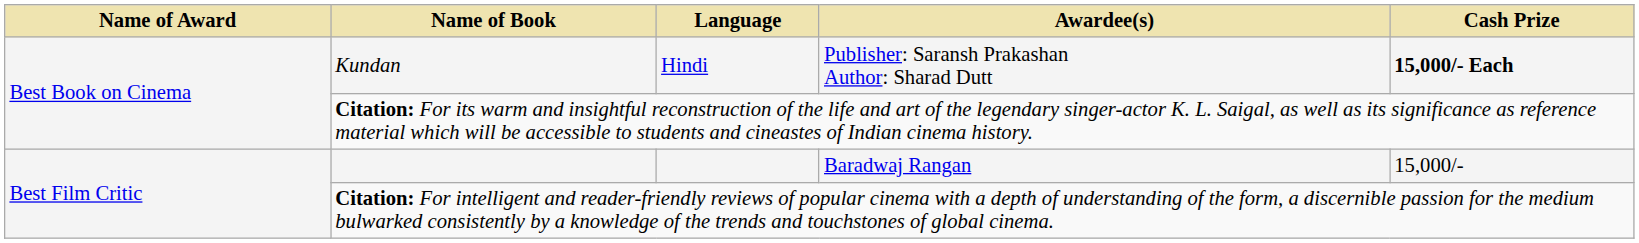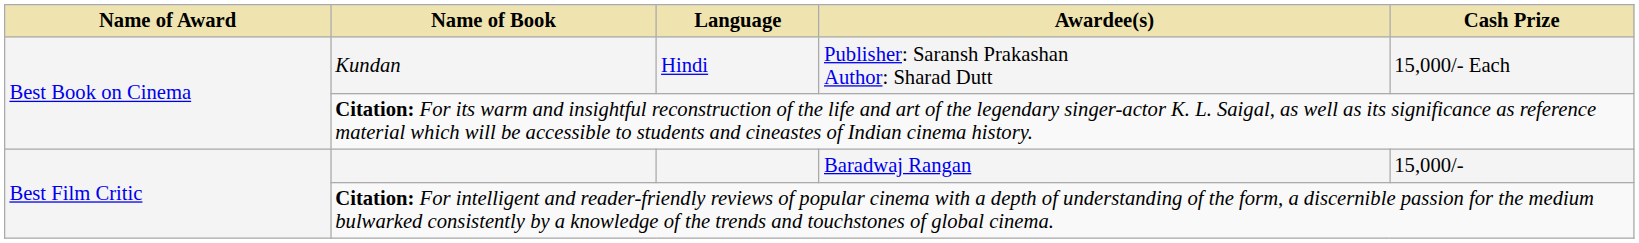 <table class="wikitable" style="width:100%;">
 <tr style="background-color:#F4F4F4">
 <th style="background-color:#EFE4B0;width:20%;">Name of Award</th>
 <th style="background-color:#EFE4B0;width:20%;">Name of Book</th>
 <th style="background-color:#EFE4B0;width:10%;">Language</th>
 <th style="background-color:#EFE4B0;width:35%;">Awardee(s)</th>
 <th style="background-color:#EFE4B0;width:15%;">Cash Prize</th>
 </tr>
 <tr style="background-color:#F4F4F4">
 <td rowspan="2"><a href='#'>Best Book on Cinema</a></td>
 <td><em>Kundan</em></td>
 <td><a href='#'>Hindi</a></td>
 <td><a href='#'>Publisher</a>: Saransh Prakashan<br><a href='#'>Author</a>: Sharad Dutt</td>
-<td><strong> 15,000/- Each</strong></td>
+<td> 15,000/- Each</td>
 </tr>
 <tr style="background-color:#F9F9F9">
 <td colspan="4"><strong>Citation:</strong> <em>For its warm and insightful reconstruction of the life and art of the legendary singer-actor K. L. Saigal, as well as its significance as reference material which will be accessible to students and cineastes of Indian cinema history.</em></td>
 </tr>
 <tr style="background-color:#F4F4F4">
 <td rowspan="2"><a href='#'>Best Film Critic</a></td>
 <td></td>
 <td></td>
 <td><a href='#'>Baradwaj Rangan</a></td>
 <td> 15,000/-</td>
 </tr>
 <tr style="background-color:#F9F9F9">
 <td colspan="4"><strong>Citation:</strong> <em>For intelligent and reader-friendly reviews of popular cinema with a depth of understanding of the form, a discernible passion for the medium bulwarked consistently by a knowledge of the trends and touchstones of global cinema.</em></td>
 </tr>
 </table>
